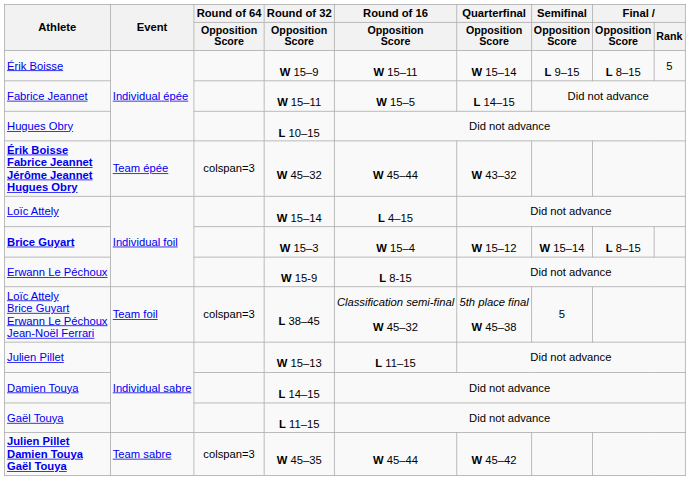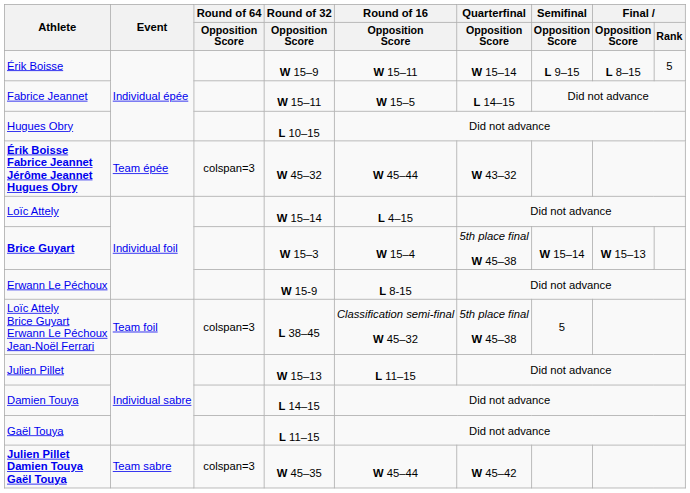 <table class="wikitable" style="font-size:90%">
 <tr>
 <th rowspan="2">Athlete</th>
 <th rowspan="2">Event</th>
 <th>Round of 64</th>
 <th>Round of 32</th>
 <th>Round of 16</th>
 <th>Quarterfinal</th>
 <th>Semifinal</th>
 <th colspan=2>Final / </th>
 </tr>
 <tr style="font-size:95%">
 <th>Opposition <br> Score</th>
 <th>Opposition <br> Score</th>
 <th>Opposition <br> Score</th>
 <th>Opposition <br> Score</th>
 <th>Opposition <br> Score</th>
 <th>Opposition <br> Score</th>
 <th>Rank</th>
 </tr>
 <tr align=center>
 <td align=left><a href='#'>Érik Boisse</a></td>
 <td align=left rowspan=3><a href='#'>Individual épée</a></td>
 <td></td>
 <td><br><strong>W</strong> 15–9</td>
 <td><br><strong>W</strong> 15–11</td>
 <td><br><strong>W</strong> 15–14</td>
 <td><br><strong>L</strong> 9–15</td>
 <td><br><strong>L</strong> 8–15</td>
 <td>5</td>
 </tr>
 <tr align=center>
 <td align=left><a href='#'>Fabrice Jeannet</a></td>
 <td></td>
 <td><br><strong>W</strong> 15–11</td>
 <td><br><strong>W</strong> 15–5</td>
 <td><br><strong>L</strong> 14–15</td>
 <td colspan=3>Did not advance</td>
 </tr>
 <tr align=center>
 <td align=left><a href='#'>Hugues Obry</a></td>
 <td></td>
 <td><br><strong>L</strong> 10–15</td>
 <td colspan=5>Did not advance</td>
 </tr>
 <tr align=center>
 <td align=left><strong><a href='#'>Érik Boisse</a><br><a href='#'>Fabrice Jeannet</a><br><a href='#'>Jérôme Jeannet</a><br><a href='#'>Hugues Obry</a></strong></td>
 <td align=left><a href='#'>Team épée</a></td>
 <td>colspan=3 </td>
 <td><br><strong>W</strong> 45–32</td>
 <td><br><strong>W</strong> 45–44</td>
 <td><br><strong>W</strong> 43–32</td>
 <td></td>
 </tr>
 <tr align=center>
 <td align=left><a href='#'>Loïc Attely</a></td>
 <td align=left rowspan=3><a href='#'>Individual foil</a></td>
 <td></td>
 <td><br><strong>W</strong> 15–14</td>
 <td><br><strong>L</strong> 4–15</td>
 <td colspan=4>Did not advance</td>
 </tr>
 <tr align=center>
 <td align=left><strong><a href='#'>Brice Guyart</a></strong></td>
 <td></td>
 <td><br><strong>W</strong> 15–3</td>
 <td><br><strong>W</strong> 15–4</td>
-<td><br><strong>W</strong> 15–12</td>
+<td><em>5th place final</em><br><br><strong>W</strong> 45–38</td>
 <td><br><strong>W</strong> 15–14</td>
-<td><br><strong>L</strong> 8–15</td>
+<td><br><strong>W</strong> 15–13</td>
 <td></td>
 </tr>
 <tr align=center>
 <td align=left><a href='#'>Erwann Le Péchoux</a></td>
 <td></td>
 <td><br><strong>W</strong> 15-9</td>
 <td><br><strong>L</strong> 8-15</td>
 <td colspan=4>Did not advance</td>
 </tr>
 <tr align=center>
 <td align=left><a href='#'>Loïc Attely</a><br><a href='#'>Brice Guyart</a><br><a href='#'>Erwann Le Péchoux</a><br><a href='#'>Jean-Noël Ferrari</a></td>
 <td align=left><a href='#'>Team foil</a></td>
 <td>colspan=3 </td>
 <td><br><strong>L</strong> 38–45</td>
 <td><em>Classification semi-final</em><br><br><strong>W</strong> 45–32</td>
 <td><em>5th place final</em><br><br><strong>W</strong> 45–38</td>
 <td>5</td>
 </tr>
 <tr align=center>
 <td align=left><a href='#'>Julien Pillet</a></td>
 <td align=left rowspan=3><a href='#'>Individual sabre</a></td>
 <td></td>
 <td><br><strong>W</strong> 15–13</td>
 <td><br><strong>L</strong> 11–15</td>
 <td colspan=4>Did not advance</td>
 </tr>
 <tr align=center>
 <td align=left><a href='#'>Damien Touya</a></td>
 <td></td>
 <td><br><strong>L</strong> 14–15</td>
 <td colspan=5>Did not advance</td>
 </tr>
 <tr align=center>
 <td align=left><a href='#'>Gaël Touya</a></td>
 <td></td>
 <td><br><strong>L</strong> 11–15</td>
 <td colspan=5>Did not advance</td>
 </tr>
 <tr align=center>
 <td align=left><strong><a href='#'>Julien Pillet</a><br><a href='#'>Damien Touya</a><br><a href='#'>Gaël Touya</a></strong></td>
 <td align=left><a href='#'>Team sabre</a></td>
 <td>colspan=3 </td>
 <td><br><strong>W</strong> 45–35</td>
 <td><br><strong>W</strong> 45–44</td>
 <td><br><strong>W</strong> 45–42</td>
 <td></td>
 </tr>
 </table>
